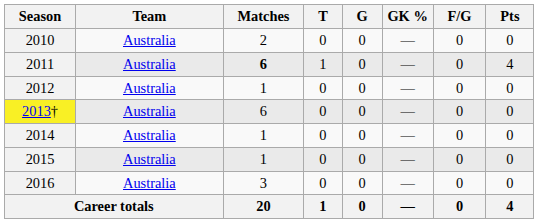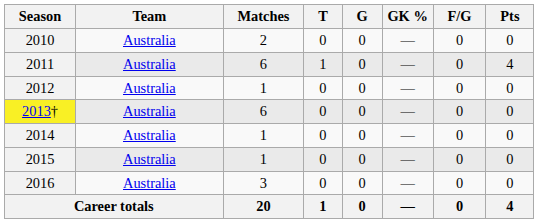 <table class="wikitable sortable"  style="font-size:90%; text-align:center; width:85%;">
 <tr>
 <th width=2%>Season</th>
 <th width=8%>Team</th>
 <th width=2%>Matches</th>
 <th width=2%>T</th>
 <th width=2%>G</th>
 <th width=2%>GK %</th>
 <th width=2%>F/G</th>
 <th width=2%>Pts</th>
 </tr>
 <tr>
 <th scope="row" style="text-align:center; font-weight:normal">2010</th>
 <td style="text-align:center;"> <a href='#'>Australia</a></td>
 <td>2</td>
 <td>0</td>
 <td>0</td>
 <td>—</td>
 <td>0</td>
 <td>0</td>
 </tr>
 <tr style="background-color: #EAEAEA">
 <th scope="row" style="text-align:center; font-weight:normal">2011</th>
 <td style="text-align:center;"> <a href='#'>Australia</a></td>
-<td><strong>6</strong></td>
+<td>6</td>
 <td>1</td>
 <td>0</td>
 <td>—</td>
 <td>0</td>
 <td>4</td>
 </tr>
 <tr>
 <th scope="row" style="text-align:center; font-weight:normal">2012</th>
 <td style="text-align:center;"> <a href='#'>Australia</a></td>
 <td>1</td>
 <td>0</td>
 <td>0</td>
 <td>—</td>
 <td>0</td>
 <td>0</td>
 </tr>
 <tr style="background-color: #EAEAEA">
 <th scope="row" style="text-align:center;background:#f9f025; font-weight:normal"><a href='#'>2013</a>†</th>
 <td style="text-align:center;"> <a href='#'>Australia</a></td>
 <td>6</td>
 <td>0</td>
 <td>0</td>
 <td>—</td>
 <td>0</td>
 <td>0</td>
 </tr>
 <tr>
 <th scope="row" style="text-align:center; font-weight:normal">2014</th>
 <td style="text-align:center;"> <a href='#'>Australia</a></td>
 <td>1</td>
 <td>0</td>
 <td>0</td>
 <td>—</td>
 <td>0</td>
 <td>0</td>
 </tr>
 <tr style="background-color: #EAEAEA">
 <th scope="row" style="text-align:center; font-weight:normal">2015</th>
 <td style="text-align:center;"> <a href='#'>Australia</a></td>
 <td>1</td>
 <td>0</td>
 <td>0</td>
 <td>—</td>
 <td>0</td>
 <td>0</td>
 </tr>
 <tr>
 <th scope="row" style="text-align:center; font-weight:normal">2016</th>
 <td style="text-align:center;"> <a href='#'>Australia</a></td>
 <td>3</td>
 <td>0</td>
 <td>0</td>
 <td>—</td>
 <td>0</td>
 <td>0</td>
 </tr>
 <tr class="sortbottom">
 <th colspan=2>Career totals</th>
 <th>20</th>
 <th>1</th>
 <th>0</th>
 <th>—</th>
 <th>0</th>
 <th>4</th>
 </tr>
 </table>
